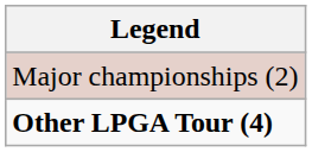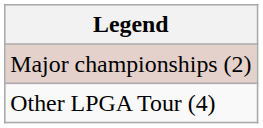 <table class="wikitable" style="font-size:95%;">
 <tr>
 <th>Legend</th>
 </tr>
 <tr style="background:#e5d1cb;">
 <td>Major championships (2)</td>
 </tr>
 <tr>
-<td><strong>Other LPGA Tour (4)</strong></td>
+<td>Other LPGA Tour (4)</td>
 </tr>
 </table>
